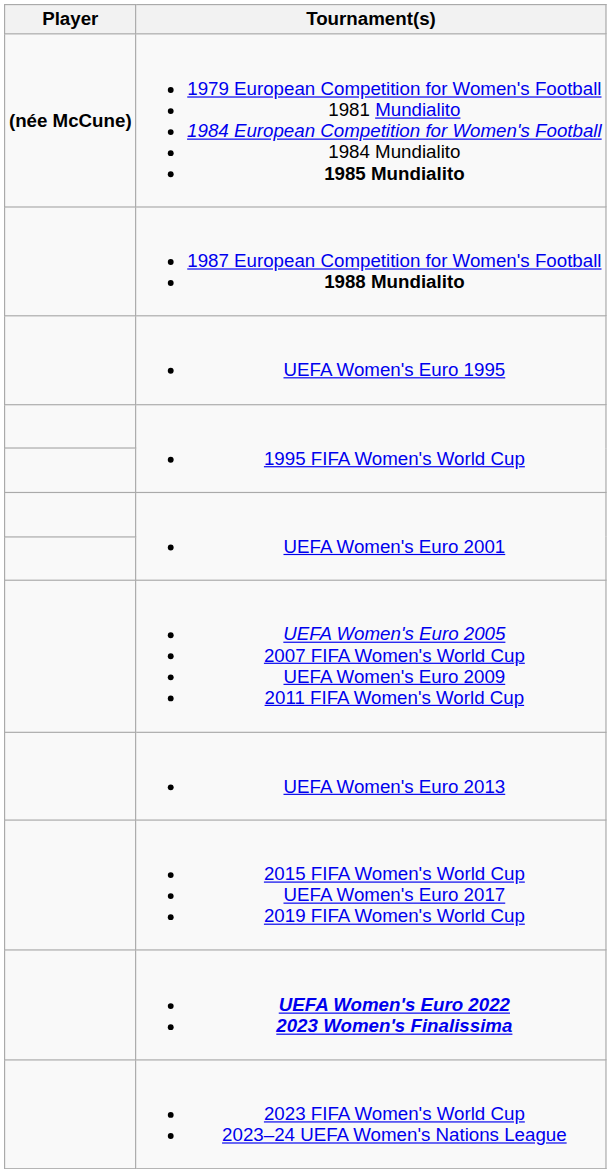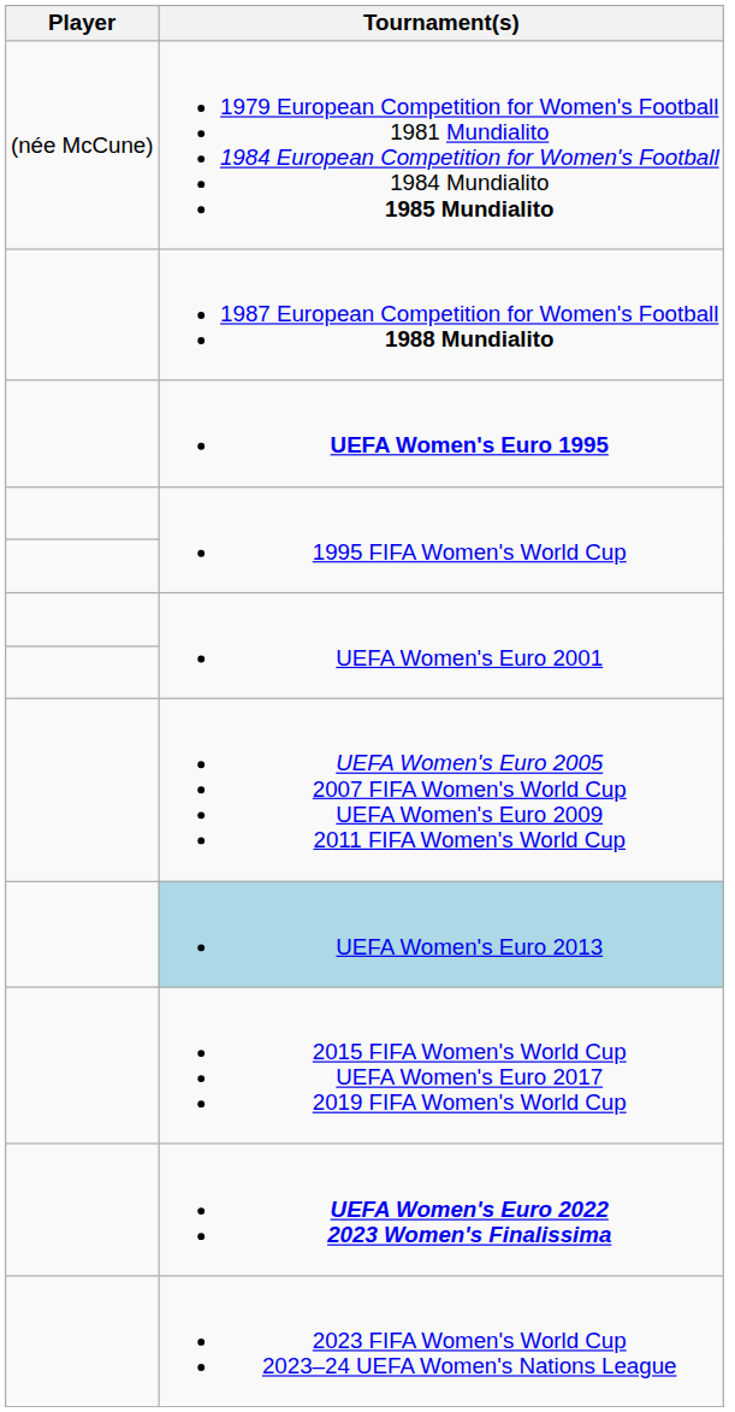 <table class="wikitable" style="text-align: center;">
 <tr>
 <th>Player</th>
 <th>Tournament(s)</th>
 </tr>
 <tr>
-<td style="text-align:left;"><strong> (née McCune)</strong></td>
+<td style="text-align:left;"> (née McCune)</td>
 <td><br><ul><li><a href='#'>1979 European Competition for Women's Football</a></li><li>1981 <a href='#'>Mundialito</a></li><li><em><a href='#'>1984 European Competition for Women's Football</a></em></li><li>1984 Mundialito</li><li><strong>1985 Mundialito</strong></li></ul></td>
 </tr>
 <tr>
 <td style="text-align:left;"></td>
 <td><br><ul><li><a href='#'>1987 European Competition for Women's Football</a></li><li><strong>1988 Mundialito</strong></li></ul></td>
 </tr>
 <tr>
 <td style="text-align:left;"></td>
-<td><br><ul><li><a href='#'>UEFA Women's Euro 1995</a></li></ul></td>
+<td><strong><br><ul><li><a href='#'>UEFA Women's Euro 1995</a></li></ul></strong></td>
 </tr>
 <tr>
 <td style="text-align:left;"></td>
 <td rowspan="2"><br><ul><li><a href='#'>1995 FIFA Women's World Cup</a></li></ul></td>
 </tr>
 <tr>
 <td style="text-align:left;"></td>
 </tr>
 <tr>
 <td style="text-align:left;"></td>
 <td rowspan="2"><br><ul><li><a href='#'>UEFA Women's Euro 2001</a></li></ul></td>
 </tr>
 <tr>
 <td style="text-align:left;"></td>
 </tr>
 <tr>
 <td style="text-align:left;"></td>
 <td><br><ul><li><em><a href='#'>UEFA Women's Euro 2005</a></em></li><li><a href='#'>2007 FIFA Women's World Cup</a></li><li><a href='#'>UEFA Women's Euro 2009</a></li><li><a href='#'>2011 FIFA Women's World Cup</a></li></ul></td>
 </tr>
 <tr>
 <td style="text-align:left;"></td>
-<td><br><ul><li><a href='#'>UEFA Women's Euro 2013</a></li></ul></td>
+<td style="background: lightblue;"><br><ul><li><a href='#'>UEFA Women's Euro 2013</a></li></ul></td>
 </tr>
 <tr>
 <td style="text-align:left;"></td>
 <td><br><ul><li><a href='#'>2015 FIFA Women's World Cup</a></li><li><a href='#'>UEFA Women's Euro 2017</a></li><li><a href='#'>2019 FIFA Women's World Cup</a></li></ul></td>
 </tr>
 <tr>
 <td style="text-align:left;"></td>
 <td><br><ul><li><strong><em><a href='#'>UEFA Women's Euro 2022</a></em></strong></li><li><strong><em><a href='#'>2023 Women's Finalissima</a></em></strong></li></ul></td>
 </tr>
 <tr>
 <td style="text-align:left;"></td>
 <td><br><ul><li><a href='#'>2023 FIFA Women's World Cup</a></li><li><a href='#'>2023–24 UEFA Women's Nations League</a></li></ul></td>
 </tr>
 </table>
